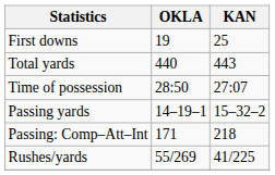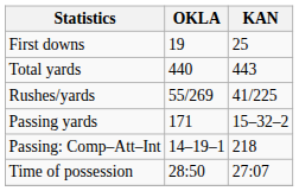 <table class="wikitable" style="float: left;">
 <tr>
 <th>Statistics</th>
 <th>OKLA</th>
 <th>KAN</th>
 </tr>
 <tr>
 <td>First downs</td>
 <td>19</td>
 <td>25</td>
 </tr>
 <tr>
 <td>Total yards</td>
 <td>440</td>
 <td>443</td>
 </tr>
 <tr>
+<td>Rushes/yards</td>
+<td>55/269</td>
+<td>41/225</td>
+</tr>
+<tr>
+<td>Passing yards</td>
+<td>171</td>
+<td>15–32–2</td>
+</tr>
+<tr>
+<td>Passing: Comp–Att–Int</td>
+<td>14–19–1</td>
+<td>218</td>
+</tr>
+<tr>
 <td>Time of possession</td>
 <td>28:50</td>
 <td>27:07</td>
 </tr>
 <tr>
-<td>Passing yards</td>
-<td>14–19–1</td>
-<td>15–32–2</td>
-</tr>
-<tr>
-<td>Passing: Comp–Att–Int</td>
-<td>171</td>
-<td>218</td>
-</tr>
-<tr>
-<td>Rushes/yards</td>
-<td>55/269</td>
-<td>41/225</td>
-</tr>
-<tr>
 </tr>
 </table>
